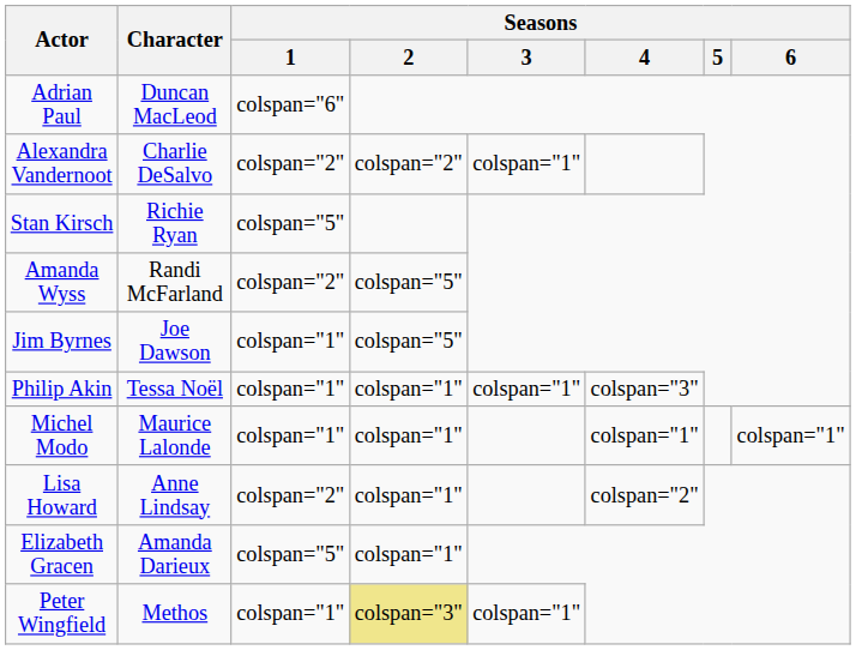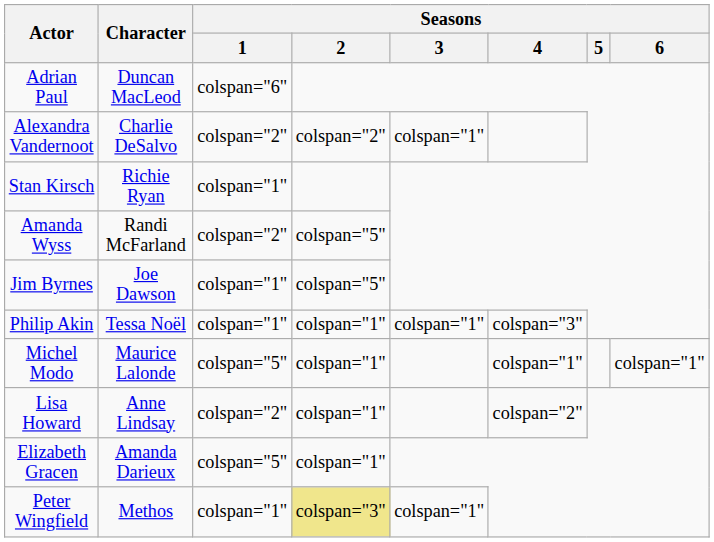 <table class="wikitable plainrowheaders" style="text-align:center; font-size:100%; width:70%">
 <tr>
 <th style="width:15%;" rowspan="2">Actor</th>
 <th style="width:20%;" rowspan="2">Character</th>
 <th colspan="6">Seasons</th>
 </tr>
 <tr>
 <th style="width:10%;">1</th>
 <th style="width:10%;">2</th>
 <th style="width:10%;">3</th>
 <th style="width:10%;">4</th>
 <th style="width:10%;">5</th>
 <th style="width:10%;">6</th>
 </tr>
 <tr>
 <td><a href='#'>Adrian Paul</a></td>
 <td><a href='#'>Duncan MacLeod</a></td>
 <td>colspan="6" </td>
 </tr>
 <tr>
 <td><a href='#'>Alexandra Vandernoot</a></td>
 <td><a href='#'>Charlie DeSalvo</a></td>
 <td>colspan="2" </td>
 <td>colspan="2" </td>
 <td>colspan="1" </td>
 <td></td>
 </tr>
 <tr>
 <td><a href='#'>Stan Kirsch</a></td>
 <td><a href='#'>Richie Ryan</a></td>
-<td>colspan="5" </td>
+<td>colspan="1" </td>
 <td></td>
 </tr>
 <tr>
 <td><a href='#'>Amanda Wyss</a></td>
 <td>Randi McFarland</td>
 <td>colspan="2" </td>
 <td>colspan="5" </td>
 </tr>
 <tr>
 <td><a href='#'>Jim Byrnes</a></td>
 <td><a href='#'>Joe Dawson</a></td>
 <td>colspan="1" </td>
 <td>colspan="5" </td>
 </tr>
 <tr>
 <td><a href='#'>Philip Akin</a></td>
 <td><a href='#'>Tessa Noël</a></td>
 <td>colspan="1" </td>
 <td>colspan="1" </td>
 <td>colspan="1" </td>
 <td>colspan="3" </td>
 </tr>
 <tr>
 <td><a href='#'>Michel Modo</a></td>
 <td><a href='#'>Maurice Lalonde</a></td>
-<td>colspan="1" </td>
+<td>colspan="5" </td>
 <td>colspan="1" </td>
 <td></td>
 <td>colspan="1" </td>
 <td></td>
 <td>colspan="1" </td>
 </tr>
 <tr>
 <td><a href='#'>Lisa Howard</a></td>
 <td><a href='#'>Anne Lindsay</a></td>
 <td>colspan="2" </td>
 <td>colspan="1" </td>
 <td></td>
 <td>colspan="2" </td>
 </tr>
 <tr>
 <td><a href='#'>Elizabeth Gracen</a></td>
 <td><a href='#'>Amanda Darieux</a></td>
 <td>colspan="5" </td>
 <td>colspan="1" </td>
 </tr>
 <tr>
 <td><a href='#'>Peter Wingfield</a></td>
 <td><a href='#'>Methos</a></td>
 <td>colspan="1" </td>
 <td style="background: khaki;">colspan="3" </td>
 <td>colspan="1" </td>
 </tr>
 </table>
